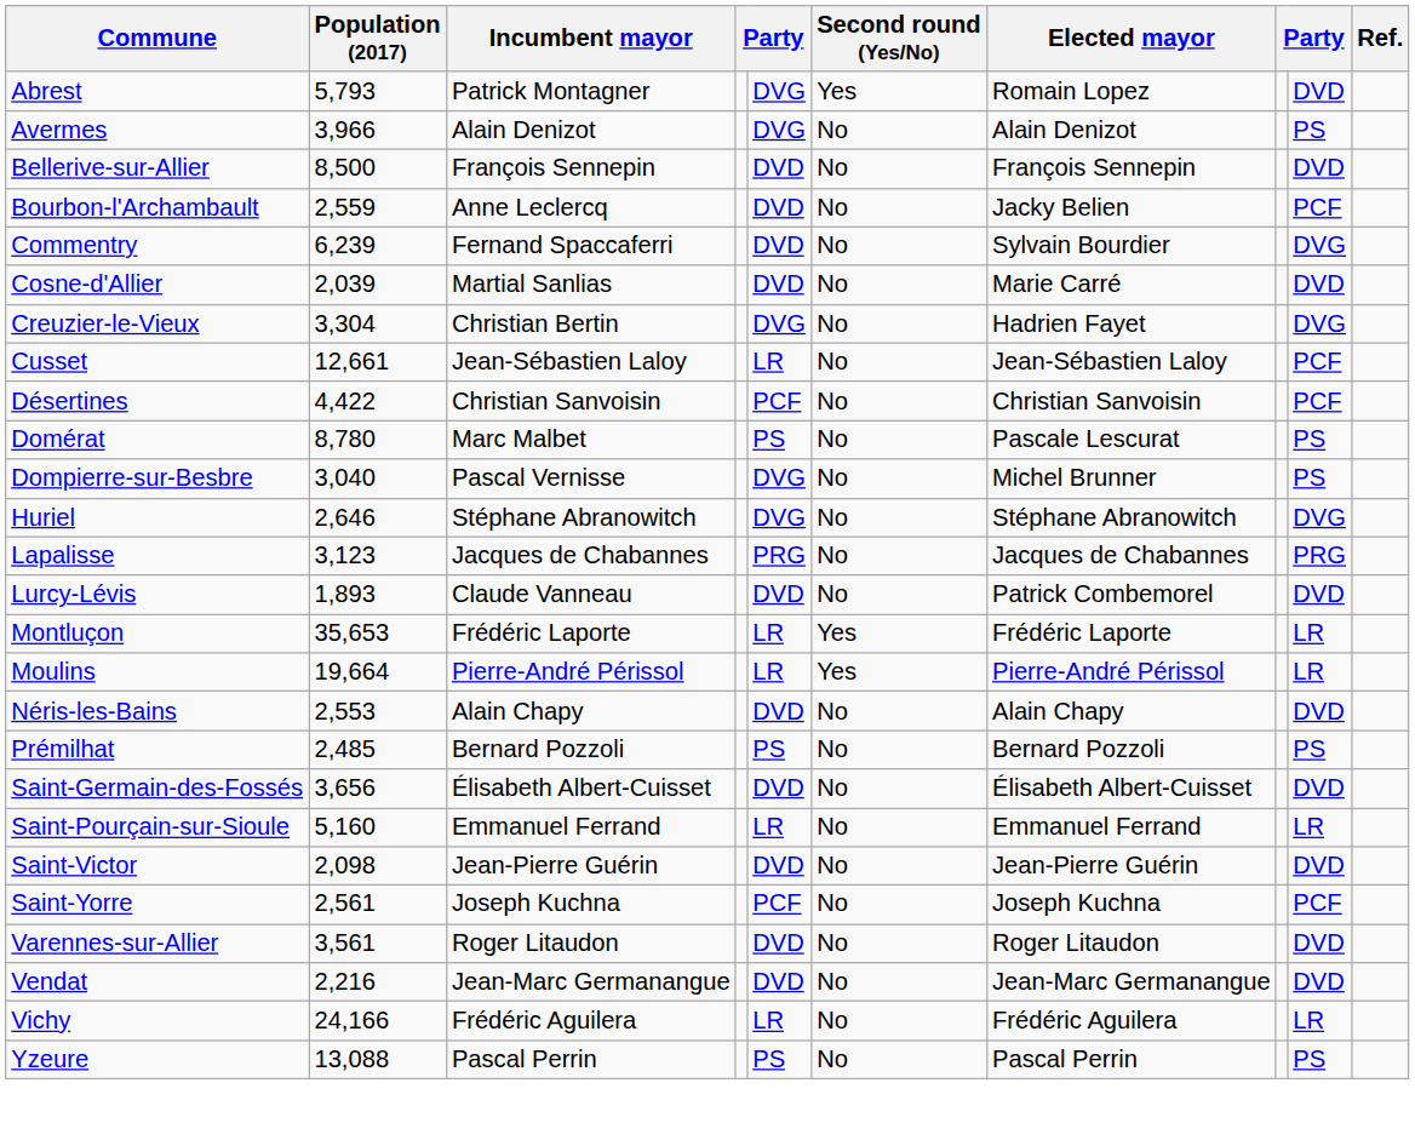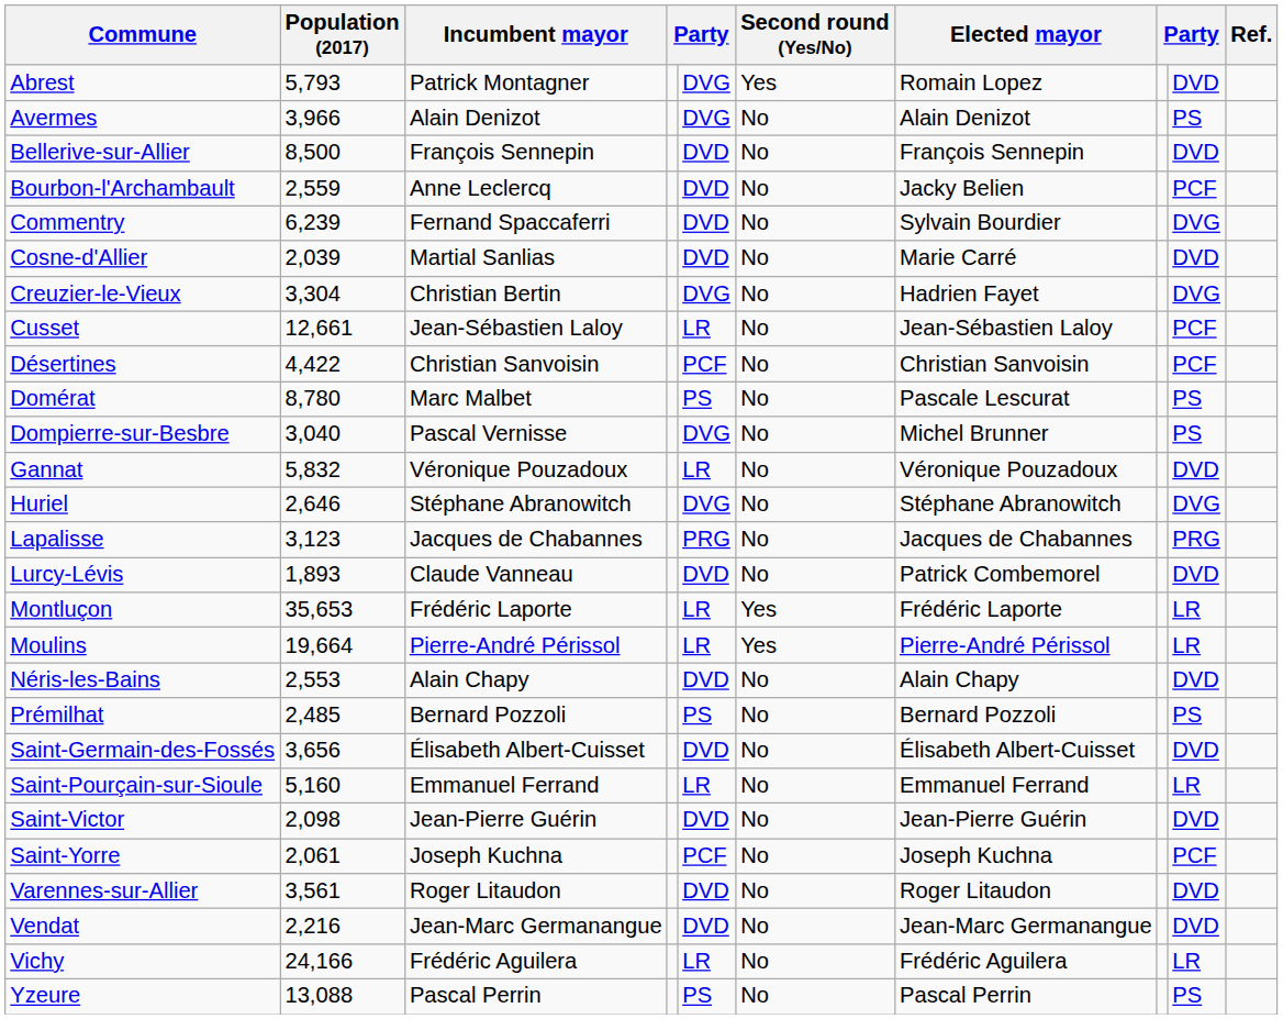 <table class="wikitable">
 <tr>
 <th><a href='#'>Commune</a></th>
 <th>Population<br><small>(2017)</small></th>
 <th>Incumbent <a href='#'>mayor</a></th>
 <th colspan="2"><a href='#'>Party</a></th>
 <th>Second round<br><small>(Yes/No)</small></th>
 <th>Elected <a href='#'>mayor</a></th>
 <th colspan="2"><a href='#'>Party</a></th>
 <th>Ref.</th>
 </tr>
 <tr>
 <td><a href='#'>Abrest</a></td>
 <td>5,793</td>
 <td>Patrick Montagner</td>
 <td style="background:"></td>
 <td><a href='#'>DVG</a></td>
 <td>Yes</td>
 <td>Romain Lopez</td>
 <td style="background:"></td>
 <td><a href='#'>DVD</a></td>
 <td></td>
 </tr>
 <tr>
 <td><a href='#'>Avermes</a></td>
 <td>3,966</td>
 <td>Alain Denizot</td>
 <td style="background:"></td>
 <td><a href='#'>DVG</a></td>
 <td>No</td>
 <td>Alain Denizot</td>
 <td style="background:"></td>
 <td><a href='#'>PS</a></td>
 <td></td>
 </tr>
 <tr>
 <td><a href='#'>Bellerive-sur-Allier</a></td>
 <td>8,500</td>
 <td>François Sennepin</td>
 <td style="background:"></td>
 <td><a href='#'>DVD</a></td>
 <td>No</td>
 <td>François Sennepin</td>
 <td style="background:"></td>
 <td><a href='#'>DVD</a></td>
 <td></td>
 </tr>
 <tr>
 <td><a href='#'>Bourbon-l'Archambault</a></td>
 <td>2,559</td>
 <td>Anne Leclercq</td>
 <td style="background:"></td>
 <td><a href='#'>DVD</a></td>
 <td>No</td>
 <td>Jacky Belien</td>
 <td style="background:"></td>
 <td><a href='#'>PCF</a></td>
 <td></td>
 </tr>
 <tr>
 <td><a href='#'>Commentry</a></td>
 <td>6,239</td>
 <td>Fernand Spaccaferri</td>
 <td style="background:"></td>
 <td><a href='#'>DVD</a></td>
 <td>No</td>
 <td>Sylvain Bourdier</td>
 <td style="background:"></td>
 <td><a href='#'>DVG</a></td>
 <td></td>
 </tr>
 <tr>
 <td><a href='#'>Cosne-d'Allier</a></td>
 <td>2,039</td>
 <td>Martial Sanlias</td>
 <td style="background:"></td>
 <td><a href='#'>DVD</a></td>
 <td>No</td>
 <td>Marie Carré</td>
 <td style="background:"></td>
 <td><a href='#'>DVD</a></td>
 <td></td>
 </tr>
 <tr>
 <td><a href='#'>Creuzier-le-Vieux</a></td>
 <td>3,304</td>
 <td>Christian Bertin</td>
 <td style="background:"></td>
 <td><a href='#'>DVG</a></td>
 <td>No</td>
 <td>Hadrien Fayet</td>
 <td style="background:"></td>
 <td><a href='#'>DVG</a></td>
 <td></td>
 </tr>
 <tr>
 <td><a href='#'>Cusset</a></td>
 <td>12,661</td>
 <td>Jean-Sébastien Laloy</td>
 <td style="background:"></td>
 <td><a href='#'>LR</a></td>
 <td>No</td>
 <td>Jean-Sébastien Laloy</td>
 <td style="background:"></td>
 <td><a href='#'>PCF</a></td>
 <td></td>
 </tr>
 <tr>
 <td><a href='#'>Désertines</a></td>
 <td>4,422</td>
 <td>Christian Sanvoisin</td>
 <td style="background:"></td>
 <td><a href='#'>PCF</a></td>
 <td>No</td>
 <td>Christian Sanvoisin</td>
 <td style="background:"></td>
 <td><a href='#'>PCF</a></td>
 <td></td>
 </tr>
 <tr>
 <td><a href='#'>Domérat</a></td>
 <td>8,780</td>
 <td>Marc Malbet</td>
 <td style="background:"></td>
 <td><a href='#'>PS</a></td>
 <td>No</td>
 <td>Pascale Lescurat</td>
 <td style="background:"></td>
 <td><a href='#'>PS</a></td>
 <td></td>
 </tr>
 <tr>
 <td><a href='#'>Dompierre-sur-Besbre</a></td>
 <td>3,040</td>
 <td>Pascal Vernisse</td>
 <td style="background:"></td>
 <td><a href='#'>DVG</a></td>
 <td>No</td>
 <td>Michel Brunner</td>
 <td style="background:"></td>
 <td><a href='#'>PS</a></td>
 <td></td>
 </tr>
 <tr>
+<td><a href='#'>Gannat</a></td>
+<td>5,832</td>
+<td>Véronique Pouzadoux</td>
+<td style="background:"></td>
+<td><a href='#'>LR</a></td>
+<td>No</td>
+<td>Véronique Pouzadoux</td>
+<td style="background:"></td>
+<td><a href='#'>DVD</a></td>
+<td></td>
+</tr>
+<tr>
 <td><a href='#'>Huriel</a></td>
 <td>2,646</td>
 <td>Stéphane Abranowitch</td>
 <td style="background:"></td>
 <td><a href='#'>DVG</a></td>
 <td>No</td>
 <td>Stéphane Abranowitch</td>
 <td style="background:"></td>
 <td><a href='#'>DVG</a></td>
 <td></td>
 </tr>
 <tr>
 <td><a href='#'>Lapalisse</a></td>
 <td>3,123</td>
 <td>Jacques de Chabannes</td>
 <td style="background:"></td>
 <td><a href='#'>PRG</a></td>
 <td>No</td>
 <td>Jacques de Chabannes</td>
 <td style="background:"></td>
 <td><a href='#'>PRG</a></td>
 <td></td>
 </tr>
 <tr>
 <td><a href='#'>Lurcy-Lévis</a></td>
 <td>1,893</td>
 <td>Claude Vanneau</td>
 <td style="background:"></td>
 <td><a href='#'>DVD</a></td>
 <td>No</td>
 <td>Patrick Combemorel</td>
 <td style="background:"></td>
 <td><a href='#'>DVD</a></td>
 <td></td>
 </tr>
 <tr>
 <td><a href='#'>Montluçon</a></td>
 <td>35,653</td>
 <td>Frédéric Laporte</td>
 <td style="background:"></td>
 <td><a href='#'>LR</a></td>
 <td>Yes</td>
 <td>Frédéric Laporte</td>
 <td style="background:"></td>
 <td><a href='#'>LR</a></td>
 <td></td>
 </tr>
 <tr>
 <td><a href='#'>Moulins</a></td>
 <td>19,664</td>
 <td><a href='#'>Pierre-André Périssol</a></td>
 <td style="background:"></td>
 <td><a href='#'>LR</a></td>
 <td>Yes</td>
 <td><a href='#'>Pierre-André Périssol</a></td>
 <td style="background:"></td>
 <td><a href='#'>LR</a></td>
 <td></td>
 </tr>
 <tr>
 <td><a href='#'>Néris-les-Bains</a></td>
 <td>2,553</td>
 <td>Alain Chapy</td>
 <td style="background:"></td>
 <td><a href='#'>DVD</a></td>
 <td>No</td>
 <td>Alain Chapy</td>
 <td style="background:"></td>
 <td><a href='#'>DVD</a></td>
 <td></td>
 </tr>
 <tr>
 <td><a href='#'>Prémilhat</a></td>
 <td>2,485</td>
 <td>Bernard Pozzoli</td>
 <td style="background:"></td>
 <td><a href='#'>PS</a></td>
 <td>No</td>
 <td>Bernard Pozzoli</td>
 <td style="background:"></td>
 <td><a href='#'>PS</a></td>
 <td></td>
 </tr>
 <tr>
 <td><a href='#'>Saint-Germain-des-Fossés</a></td>
 <td>3,656</td>
 <td>Élisabeth Albert-Cuisset</td>
 <td style="background:"></td>
 <td><a href='#'>DVD</a></td>
 <td>No</td>
 <td>Élisabeth Albert-Cuisset</td>
 <td style="background:"></td>
 <td><a href='#'>DVD</a></td>
 <td></td>
 </tr>
 <tr>
 <td><a href='#'>Saint-Pourçain-sur-Sioule</a></td>
 <td>5,160</td>
 <td>Emmanuel Ferrand</td>
 <td style="background:"></td>
 <td><a href='#'>LR</a></td>
 <td>No</td>
 <td>Emmanuel Ferrand</td>
 <td style="background:"></td>
 <td><a href='#'>LR</a></td>
 <td></td>
 </tr>
 <tr>
 <td><a href='#'>Saint-Victor</a></td>
 <td>2,098</td>
 <td>Jean-Pierre Guérin</td>
 <td style="background:"></td>
 <td><a href='#'>DVD</a></td>
 <td>No</td>
 <td>Jean-Pierre Guérin</td>
 <td style="background:"></td>
 <td><a href='#'>DVD</a></td>
 <td></td>
 </tr>
 <tr>
 <td><a href='#'>Saint-Yorre</a></td>
-<td>2,561</td>
+<td>2,061</td>
 <td>Joseph Kuchna</td>
 <td style="background:"></td>
 <td><a href='#'>PCF</a></td>
 <td>No</td>
 <td>Joseph Kuchna</td>
 <td style="background:"></td>
 <td><a href='#'>PCF</a></td>
 <td></td>
 </tr>
 <tr>
 <td><a href='#'>Varennes-sur-Allier</a></td>
 <td>3,561</td>
 <td>Roger Litaudon</td>
 <td style="background:"></td>
 <td><a href='#'>DVD</a></td>
 <td>No</td>
 <td>Roger Litaudon</td>
 <td style="background:"></td>
 <td><a href='#'>DVD</a></td>
 <td></td>
 </tr>
 <tr>
 <td><a href='#'>Vendat</a></td>
 <td>2,216</td>
 <td>Jean-Marc Germanangue</td>
 <td style="background:"></td>
 <td><a href='#'>DVD</a></td>
 <td>No</td>
 <td>Jean-Marc Germanangue</td>
 <td style="background:"></td>
 <td><a href='#'>DVD</a></td>
 <td></td>
 </tr>
 <tr>
 <td><a href='#'>Vichy</a></td>
 <td>24,166</td>
 <td>Frédéric Aguilera</td>
 <td style="background:"></td>
 <td><a href='#'>LR</a></td>
 <td>No</td>
 <td>Frédéric Aguilera</td>
 <td style="background:"></td>
 <td><a href='#'>LR</a></td>
 <td></td>
 </tr>
 <tr>
 <td><a href='#'>Yzeure</a></td>
 <td>13,088</td>
 <td>Pascal Perrin</td>
 <td style="background:"></td>
 <td><a href='#'>PS</a></td>
 <td>No</td>
 <td>Pascal Perrin</td>
 <td style="background:"></td>
 <td><a href='#'>PS</a></td>
 <td></td>
 </tr>
 </table>
